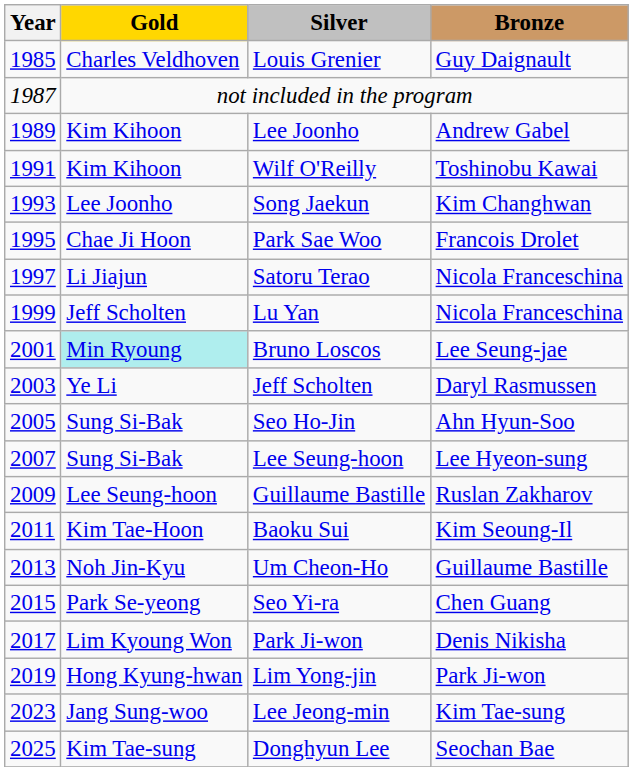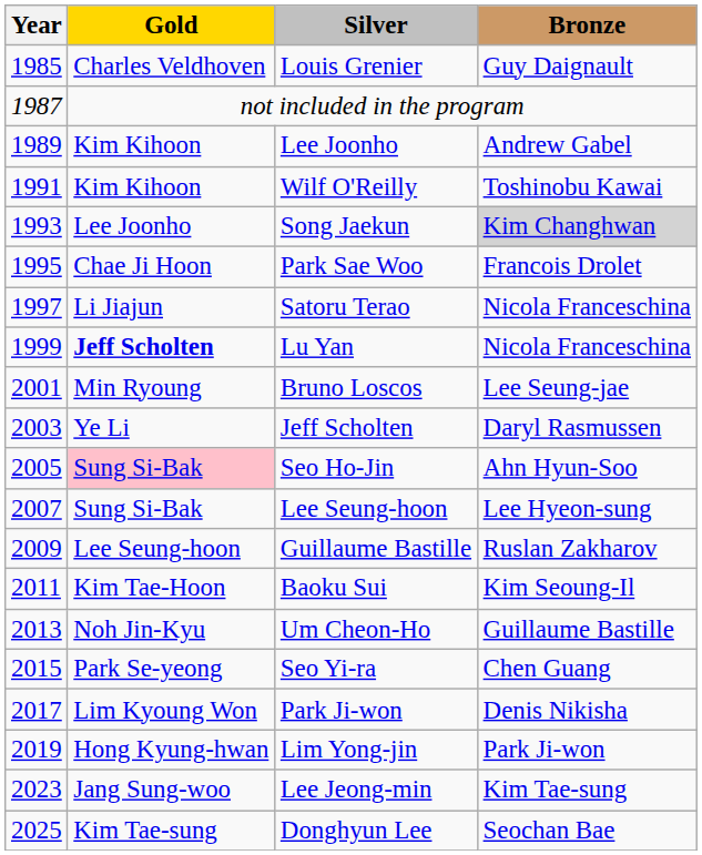 <table class="wikitable">
 <tr>
 <th>Year</th>
 <td align=center bgcolor=gold><strong>Gold</strong></td>
 <td align=center bgcolor=silver><strong>Silver</strong></td>
 <td align=center bgcolor=cc9966><strong>Bronze</strong></td>
 </tr>
 <tr>
 <td><a href='#'>1985</a></td>
 <td> <a href='#'>Charles Veldhoven</a></td>
 <td> <a href='#'>Louis Grenier</a></td>
 <td> <a href='#'>Guy Daignault</a></td>
 </tr>
 <tr>
 <td><em>1987</em></td>
 <td colspan=3 align=center><em>not included in the program</em></td>
 </tr>
 <tr>
 <td><a href='#'>1989</a></td>
 <td> <a href='#'>Kim Kihoon</a></td>
 <td> <a href='#'>Lee Joonho</a></td>
 <td> <a href='#'>Andrew Gabel</a></td>
 </tr>
 <tr>
 <td><a href='#'>1991</a></td>
 <td> <a href='#'>Kim Kihoon</a></td>
 <td> <a href='#'>Wilf O'Reilly</a></td>
 <td> <a href='#'>Toshinobu Kawai</a></td>
 </tr>
 <tr>
 <td><a href='#'>1993</a></td>
 <td> <a href='#'>Lee Joonho</a></td>
 <td> <a href='#'>Song Jaekun</a></td>
-<td> <a href='#'>Kim Changhwan</a></td>
+<td style="background: lightgrey;"> <a href='#'>Kim Changhwan</a></td>
 </tr>
 <tr>
 <td><a href='#'>1995</a></td>
 <td> <a href='#'>Chae Ji Hoon</a></td>
 <td> <a href='#'>Park Sae Woo</a></td>
 <td> <a href='#'>Francois Drolet</a></td>
 </tr>
 <tr>
 <td><a href='#'>1997</a></td>
 <td> <a href='#'>Li Jiajun</a></td>
 <td> <a href='#'>Satoru Terao</a></td>
 <td> <a href='#'>Nicola Franceschina</a></td>
 </tr>
 <tr>
 <td><a href='#'>1999</a></td>
-<td> <a href='#'>Jeff Scholten</a></td>
+<td><strong> <a href='#'>Jeff Scholten</a></strong></td>
 <td> <a href='#'>Lu Yan</a></td>
 <td> <a href='#'>Nicola Franceschina</a></td>
 </tr>
 <tr>
 <td><a href='#'>2001</a></td>
-<td style="background: paleturquoise;"> <a href='#'>Min Ryoung</a></td>
+<td> <a href='#'>Min Ryoung</a></td>
 <td> <a href='#'>Bruno Loscos</a></td>
 <td> <a href='#'>Lee Seung-jae</a></td>
 </tr>
 <tr>
 <td><a href='#'>2003</a></td>
 <td> <a href='#'>Ye Li</a></td>
 <td> <a href='#'>Jeff Scholten</a></td>
 <td> <a href='#'>Daryl Rasmussen</a></td>
 </tr>
 <tr>
 <td><a href='#'>2005</a></td>
-<td> <a href='#'>Sung Si-Bak</a></td>
+<td style="background: pink;"> <a href='#'>Sung Si-Bak</a></td>
 <td> <a href='#'>Seo Ho-Jin</a></td>
 <td> <a href='#'>Ahn Hyun-Soo</a></td>
 </tr>
 <tr>
 <td><a href='#'>2007</a></td>
 <td> <a href='#'>Sung Si-Bak</a></td>
 <td> <a href='#'>Lee Seung-hoon</a></td>
 <td> <a href='#'>Lee Hyeon-sung</a></td>
 </tr>
 <tr>
 <td><a href='#'>2009</a></td>
 <td> <a href='#'>Lee Seung-hoon</a></td>
 <td> <a href='#'>Guillaume Bastille</a></td>
 <td> <a href='#'>Ruslan Zakharov</a></td>
 </tr>
 <tr>
 <td><a href='#'>2011</a></td>
 <td> <a href='#'>Kim Tae-Hoon</a></td>
 <td> <a href='#'>Baoku Sui</a></td>
 <td> <a href='#'>Kim Seoung-Il</a></td>
 </tr>
 <tr>
 <td><a href='#'>2013</a></td>
 <td> <a href='#'>Noh Jin-Kyu</a></td>
 <td> <a href='#'>Um Cheon-Ho</a></td>
 <td> <a href='#'>Guillaume Bastille</a></td>
 </tr>
 <tr>
 <td><a href='#'>2015</a></td>
 <td> <a href='#'>Park Se-yeong</a></td>
 <td> <a href='#'>Seo Yi-ra</a></td>
 <td> <a href='#'>Chen Guang</a></td>
 </tr>
 <tr>
 <td><a href='#'>2017</a></td>
 <td> <a href='#'>Lim Kyoung Won</a></td>
 <td> <a href='#'>Park Ji-won</a></td>
 <td> <a href='#'>Denis Nikisha</a></td>
 </tr>
 <tr>
 <td><a href='#'>2019</a></td>
 <td> <a href='#'>Hong Kyung-hwan</a></td>
 <td> <a href='#'>Lim Yong-jin</a></td>
 <td> <a href='#'>Park Ji-won</a></td>
 </tr>
 <tr>
 <td><a href='#'>2023</a></td>
 <td> <a href='#'>Jang Sung-woo</a></td>
 <td> <a href='#'>Lee Jeong-min</a></td>
 <td> <a href='#'>Kim Tae-sung</a></td>
 </tr>
 <tr>
 <td><a href='#'>2025</a></td>
 <td> <a href='#'>Kim Tae-sung</a></td>
 <td> <a href='#'>Donghyun Lee</a></td>
 <td> <a href='#'>Seochan Bae</a></td>
 </tr>
 </table>
